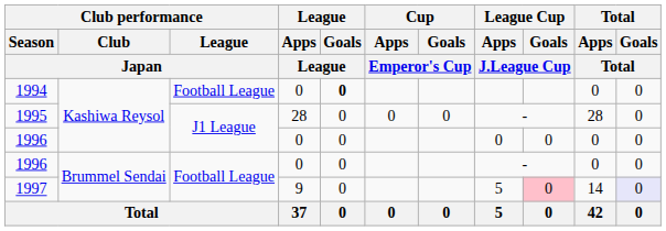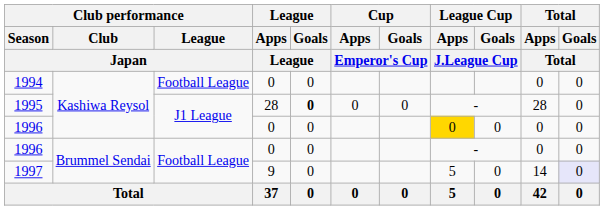 <table class="wikitable" style="text-align:center;">
 <tr>
 <th colspan=3>Club performance</th>
 <th colspan=2>League</th>
 <th colspan=2>Cup</th>
 <th colspan=2>League Cup</th>
 <th colspan=2>Total</th>
 </tr>
 <tr>
 <th>Season</th>
 <th>Club</th>
 <th>League</th>
 <th>Apps</th>
 <th>Goals</th>
 <th>Apps</th>
 <th>Goals</th>
 <th>Apps</th>
 <th>Goals</th>
 <th>Apps</th>
 <th>Goals</th>
 </tr>
 <tr>
 <th colspan=3>Japan</th>
 <th colspan=2>League</th>
 <th colspan=2><a href='#'>Emperor's Cup</a></th>
 <th colspan=2><a href='#'>J.League Cup</a></th>
 <th colspan=2>Total</th>
 </tr>
 <tr>
 <td><a href='#'>1994</a></td>
 <td rowspan="3"><a href='#'>Kashiwa Reysol</a></td>
 <td><a href='#'>Football League</a></td>
 <td>0</td>
-<td><strong>0</strong></td>
+<td>0</td>
 <td></td>
 <td></td>
 <td></td>
 <td></td>
 <td>0</td>
 <td>0</td>
 </tr>
 <tr>
 <td><a href='#'>1995</a></td>
 <td rowspan="2"><a href='#'>J1 League</a></td>
 <td>28</td>
-<td>0</td>
+<td><strong>0</strong></td>
 <td>0</td>
 <td>0</td>
 <td colspan="2">-</td>
 <td>28</td>
 <td>0</td>
 </tr>
 <tr>
 <td><a href='#'>1996</a></td>
 <td>0</td>
 <td>0</td>
 <td></td>
 <td></td>
-<td>0</td>
+<td style="background: gold;">0</td>
 <td>0</td>
 <td>0</td>
 <td>0</td>
 </tr>
 <tr>
 <td><a href='#'>1996</a></td>
 <td rowspan="2"><a href='#'>Brummel Sendai</a></td>
 <td rowspan="2"><a href='#'>Football League</a></td>
 <td>0</td>
 <td>0</td>
 <td></td>
 <td></td>
 <td colspan="2">-</td>
 <td>0</td>
 <td>0</td>
 </tr>
 <tr>
 <td><a href='#'>1997</a></td>
 <td>9</td>
 <td>0</td>
 <td></td>
 <td></td>
 <td>5</td>
-<td style="background: pink;">0</td>
+<td>0</td>
 <td>14</td>
 <td style="background: lavender;">0</td>
 </tr>
 <tr>
 <th colspan=3>Total</th>
 <th>37</th>
 <th>0</th>
 <th>0</th>
 <th>0</th>
 <th>5</th>
 <th>0</th>
 <th>42</th>
 <th>0</th>
 </tr>
 </table>
